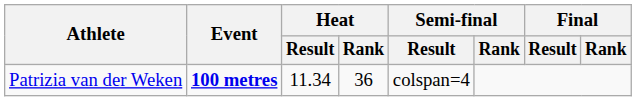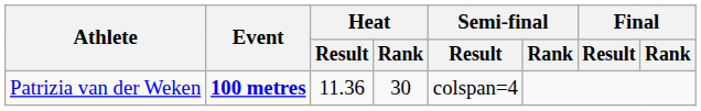 <table class="wikitable" style="font-size:90%">
 <tr>
 <th rowspan="2">Athlete</th>
 <th rowspan="2">Event</th>
 <th colspan="2">Heat</th>
 <th colspan="2">Semi-final</th>
 <th colspan="2">Final</th>
 </tr>
 <tr style="font-size:95%">
 <th>Result</th>
 <th>Rank</th>
 <th>Result</th>
 <th>Rank</th>
 <th>Result</th>
 <th>Rank</th>
 </tr>
 <tr style=text-align:center>
 <td style=text-align:left><a href='#'>Patrizia van der Weken</a></td>
 <td style=text-align:left><strong><a href='#'>100 metres</a></strong></td>
-<td>11.34</td>
-<td>36</td>
+<td>11.36</td>
+<td>30</td>
 <td>colspan=4 </td>
 </tr>
 </table>
